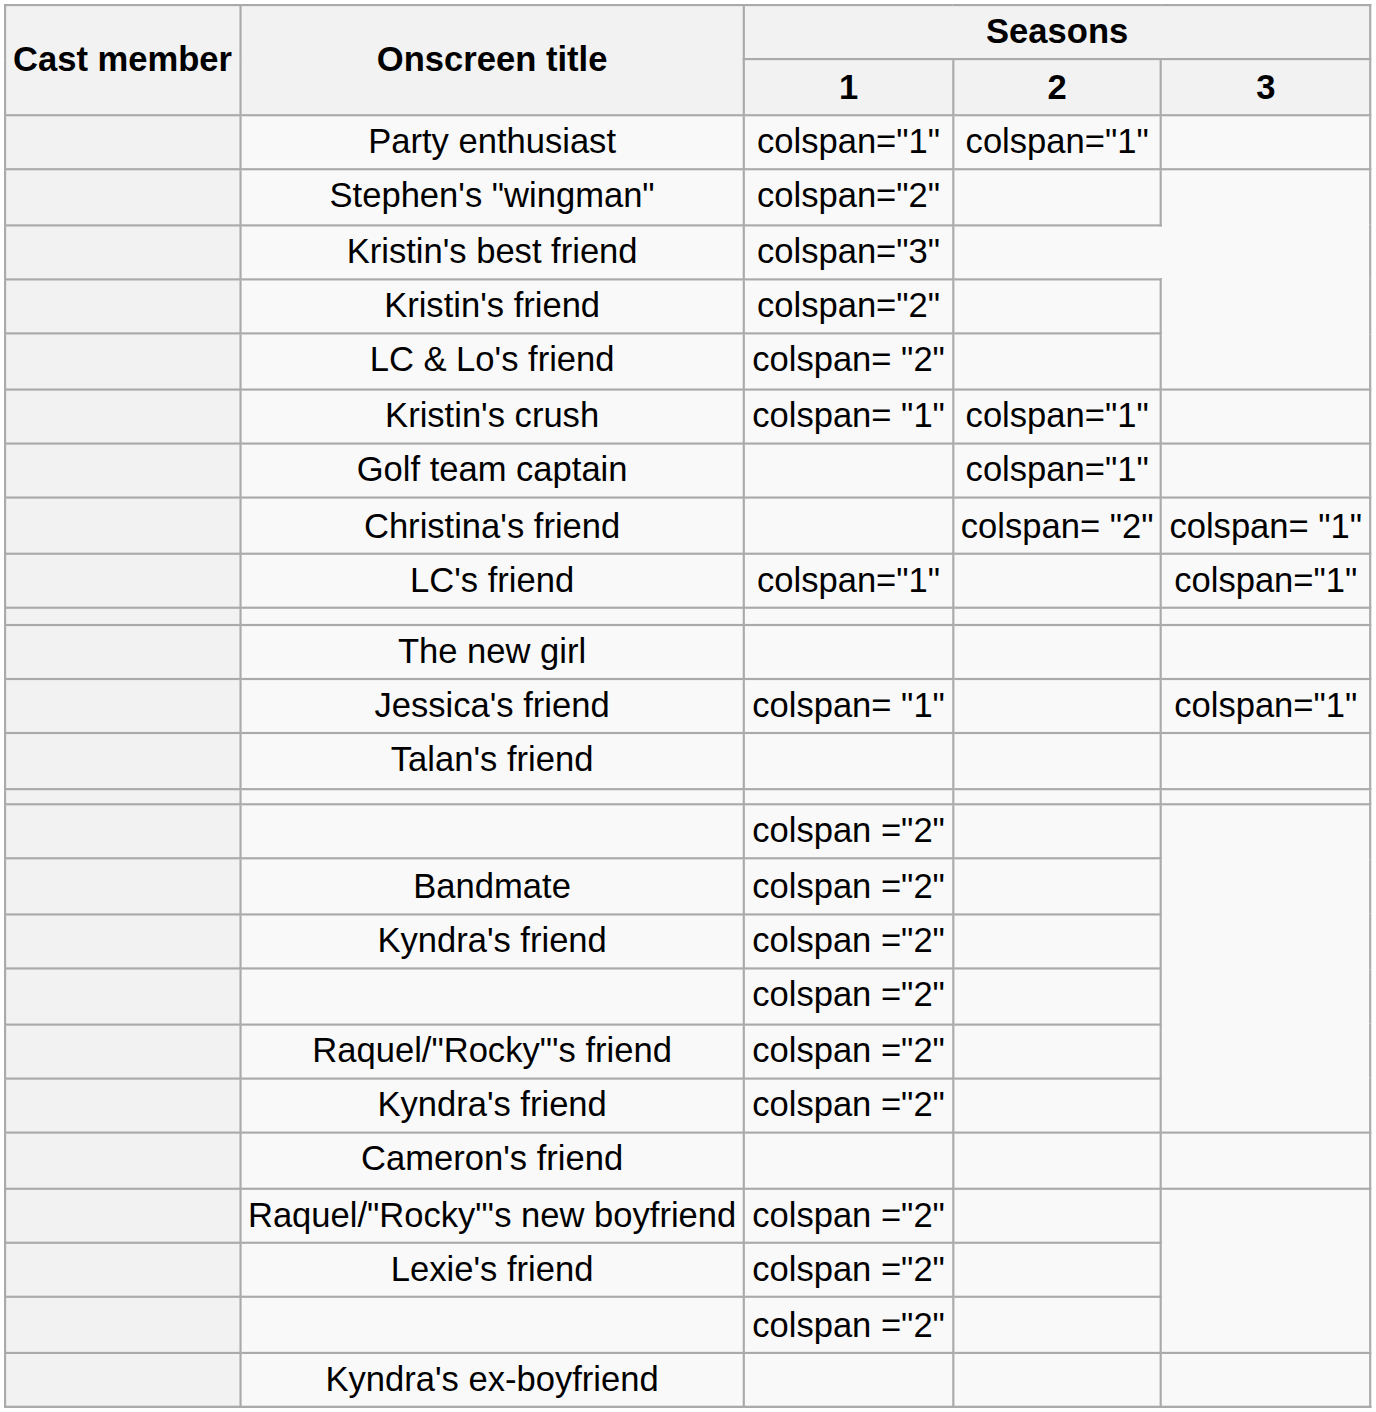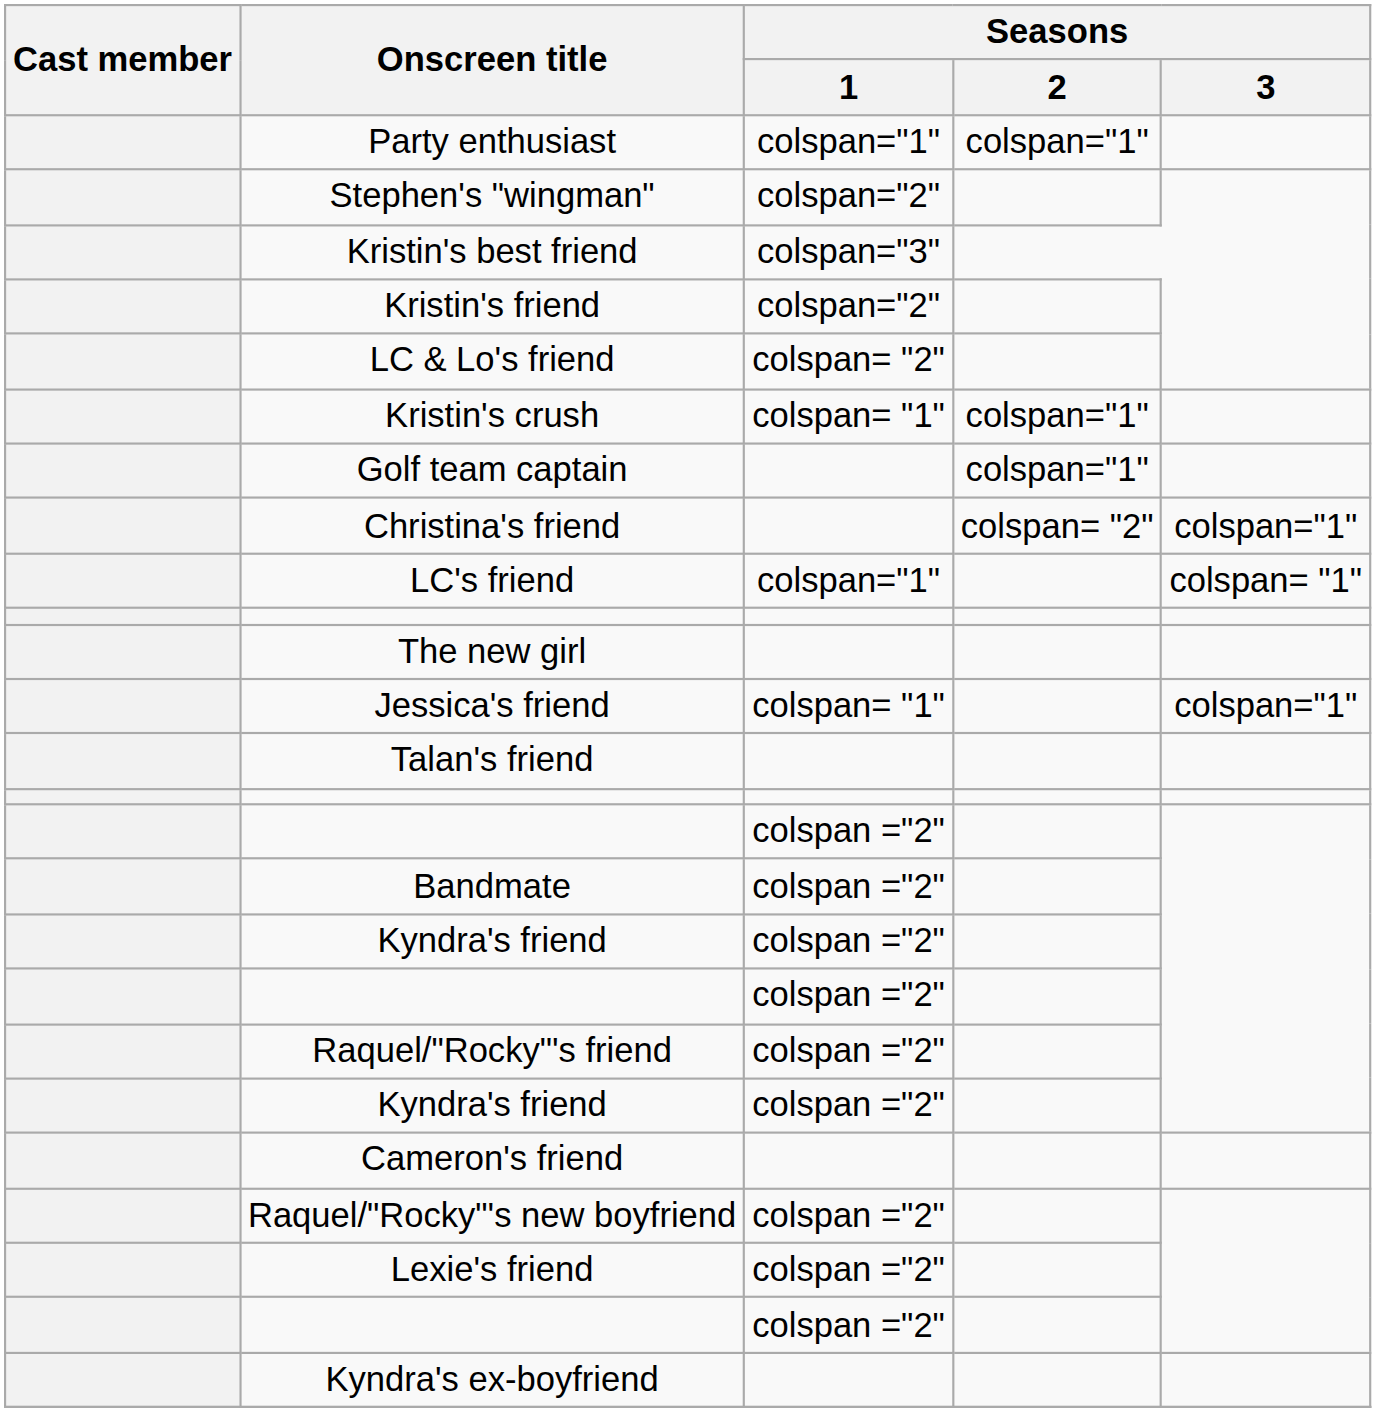 <table class="wikitable sortable" style="text-align:center">
 <tr>
 <th rowspan="2">Cast member</th>
 <th rowspan="2">Onscreen title</th>
 <th colspan="3">Seasons</th>
 </tr>
 <tr>
 <th>1</th>
 <th>2</th>
 <th>3</th>
 </tr>
 <tr>
 <th scope="row"></th>
 <td>Party enthusiast</td>
 <td>colspan="1" </td>
 <td>colspan="1" </td>
 <td></td>
 </tr>
 <tr>
 <th scope="row"></th>
 <td>Stephen's "wingman"</td>
 <td>colspan="2" </td>
 <td></td>
 </tr>
 <tr>
 <th scope="row"></th>
 <td>Kristin's best friend</td>
 <td>colspan="3" </td>
 </tr>
 <tr>
 <th scope="row"></th>
 <td>Kristin's friend</td>
 <td>colspan="2" </td>
 <td></td>
 </tr>
 <tr>
 <th scope="row"></th>
 <td>LC & Lo's friend</td>
 <td>colspan= "2" </td>
 <td></td>
 </tr>
 <tr>
 <th scope="row"></th>
 <td>Kristin's crush</td>
 <td>colspan= "1" </td>
 <td>colspan="1" </td>
 <td></td>
 </tr>
 <tr>
 <th scope="row"></th>
 <td>Golf team captain</td>
 <td></td>
 <td>colspan="1" </td>
 </tr>
 <tr>
 <th scope="row"></th>
 <td>Christina's friend</td>
 <td></td>
 <td>colspan= "2" </td>
-<td>colspan= "1" </td>
+<td>colspan="1" </td>
 </tr>
 <tr>
 <th scope="row"></th>
 <td>LC's friend</td>
 <td>colspan="1" </td>
 <td></td>
-<td>colspan="1" </td>
+<td>colspan= "1" </td>
 </tr>
 <tr>
 <th scope="row"></th>
 <td></td>
 <td></td>
 <td></td>
 <td></td>
 </tr>
 <tr>
 <th scope="row"></th>
 <td>The new girl</td>
 <td></td>
 <td></td>
 <td></td>
 </tr>
 <tr>
 <th scope="row"></th>
 <td>Jessica's friend</td>
 <td>colspan= "1" </td>
 <td></td>
 <td>colspan="1" </td>
 </tr>
 <tr>
 <th scope="row"></th>
 <td>Talan's friend</td>
 <td></td>
 <td></td>
 <td></td>
 </tr>
 <tr>
 <th scope="row"></th>
 <td></td>
 <td></td>
 <td></td>
 <td></td>
 </tr>
 <tr>
 <th scope="row"></th>
 <td></td>
 <td>colspan ="2" </td>
 <td></td>
 </tr>
 <tr>
 <th scope="row"></th>
 <td>Bandmate</td>
 <td>colspan ="2" </td>
 <td></td>
 </tr>
 <tr>
 <th scope="row"></th>
 <td>Kyndra's friend</td>
 <td>colspan ="2" </td>
 <td></td>
 </tr>
 <tr>
 <th scope="row"></th>
 <td></td>
 <td>colspan ="2" </td>
 <td></td>
 </tr>
 <tr>
 <th scope="row"></th>
 <td>Raquel/"Rocky"'s friend</td>
 <td>colspan ="2" </td>
 <td></td>
 </tr>
 <tr>
 <th scope="row"></th>
 <td>Kyndra's friend</td>
 <td>colspan ="2" </td>
 <td></td>
 </tr>
 <tr>
 <th scope="row"></th>
 <td>Cameron's friend</td>
 <td></td>
 <td></td>
 <td></td>
 </tr>
 <tr>
 <th scope="row"></th>
 <td>Raquel/"Rocky"'s new boyfriend</td>
 <td>colspan ="2" </td>
 <td></td>
 </tr>
 <tr>
 <th scope="row"></th>
 <td>Lexie's friend</td>
 <td>colspan ="2" </td>
 <td></td>
 </tr>
 <tr>
 <th scope="row"></th>
 <td></td>
 <td>colspan ="2" </td>
 <td></td>
 </tr>
 <tr>
 <th scope="row"></th>
 <td>Kyndra's ex-boyfriend</td>
 <td></td>
 <td></td>
 <td></td>
 </tr>
 <tr>
 </tr>
 </table>
